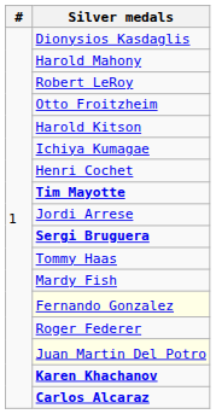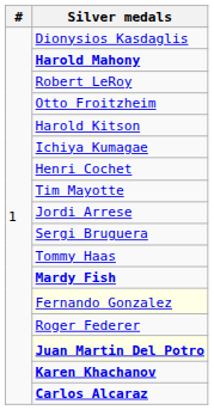 <table class="wikitable" style=display:inline-table>
 <tr>
 <th width=20>#</th>
 <th>Silver medals</th>
 </tr>
 <tr>
 <td rowspan=17>1</td>
 <td> <a href='#'>Dionysios Kasdaglis</a></td>
 </tr>
 <tr>
-<td> <a href='#'>Harold Mahony</a></td>
+<td><strong> <a href='#'>Harold Mahony</a></strong></td>
 </tr>
 <tr>
 <td> <a href='#'>Robert LeRoy</a></td>
 </tr>
 <tr>
 <td> <a href='#'>Otto Froitzheim</a></td>
 </tr>
 <tr>
 <td> <a href='#'>Harold Kitson</a></td>
 </tr>
 <tr>
 <td> <a href='#'>Ichiya Kumagae</a></td>
 </tr>
 <tr>
 <td> <a href='#'>Henri Cochet</a></td>
 </tr>
 <tr>
-<td><strong> <a href='#'>Tim Mayotte</a></strong></td>
+<td> <a href='#'>Tim Mayotte</a></td>
 </tr>
 <tr>
 <td> <a href='#'>Jordi Arrese</a></td>
 </tr>
 <tr>
-<td><strong> <a href='#'>Sergi Bruguera</a></strong></td>
+<td> <a href='#'>Sergi Bruguera</a></td>
 </tr>
 <tr>
 <td> <a href='#'>Tommy Haas</a></td>
 </tr>
 <tr>
-<td> <a href='#'>Mardy Fish</a></td>
+<td><strong> <a href='#'>Mardy Fish</a></strong></td>
 </tr>
 <tr>
 <td style="background: #ffffe6;"> <a href='#'>Fernando Gonzalez</a><sup></sup></td>
 </tr>
 <tr>
 <td> <a href='#'>Roger Federer</a></td>
 </tr>
 <tr>
-<td style="background: #ffffe6;"> <a href='#'>Juan Martin Del Potro</a><sup></sup></td>
+<td style="background: #ffffe6;"><strong> <a href='#'>Juan Martin Del Potro</a><sup></sup></strong></td>
 </tr>
 <tr>
 <td> <strong><a href='#'>Karen Khachanov</a></strong></td>
 </tr>
 <tr>
 <td><strong> <a href='#'>Carlos Alcaraz</a></strong></td>
 </tr>
 </table>
